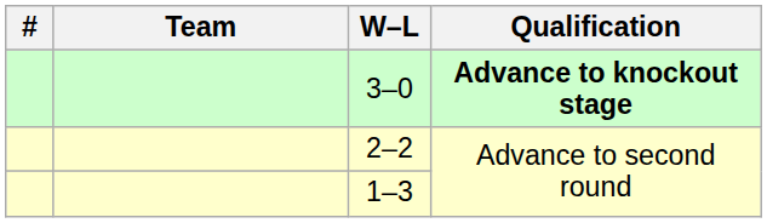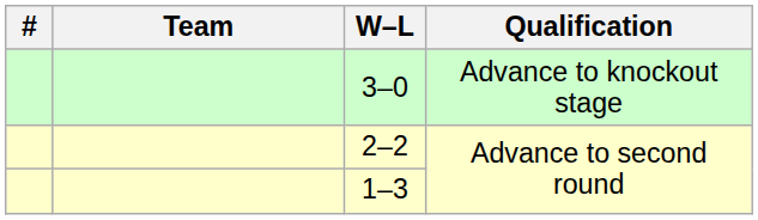 <table class=wikitable style="text-align:center;">
 <tr>
 <th width=20px>#</th>
 <th width=160px>Team</th>
 <th width=40px>W–L</th>
 <th width=180px>Qualification</th>
 </tr>
 <tr bgcolor=#CCFFCC>
 <td></td>
 <td align=left></td>
 <td>3–0</td>
-<td><strong>Advance to knockout stage</strong></td>
+<td>Advance to knockout stage</td>
 </tr>
 <tr bgcolor=#FFFFCC>
 <td></td>
 <td align=left></td>
 <td>2–2</td>
 <td rowspan=2>Advance to second round</td>
 </tr>
 <tr bgcolor=#FFFFCC>
 <td></td>
 <td align=left></td>
 <td>1–3</td>
 </tr>
 </table>
